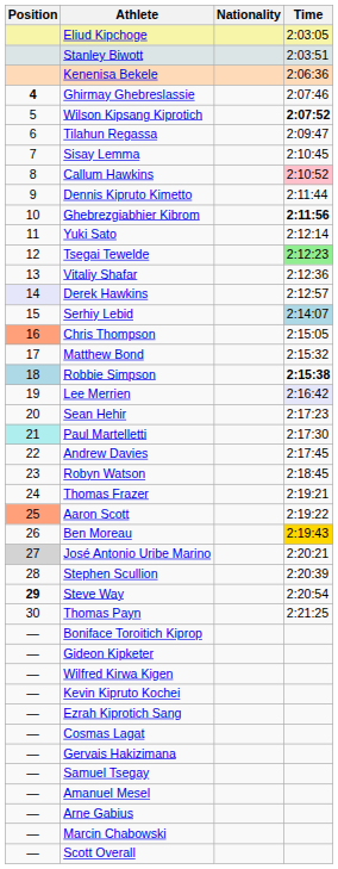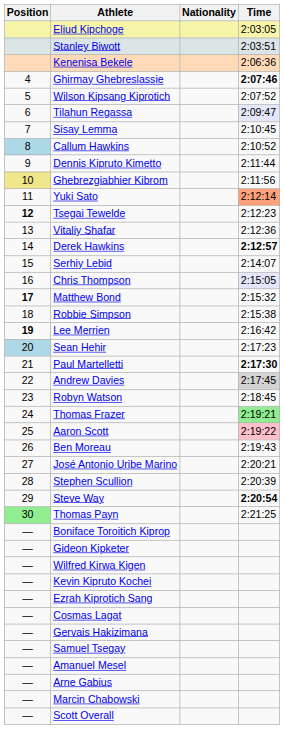 <table class="wikitable sortable">
 <tr>
 <th>Position</th>
 <th>Athlete</th>
 <th>Nationality</th>
 <th>Time</th>
 </tr>
 <tr bgcolor=#F7F6A8>
 <td align=center></td>
 <td><a href='#'>Eliud Kipchoge</a></td>
 <td></td>
 <td>2:03:05</td>
 </tr>
 <tr bgcolor=#DCE5E5>
 <td align=center></td>
 <td><a href='#'>Stanley Biwott</a></td>
 <td></td>
 <td>2:03:51</td>
 </tr>
 <tr bgcolor=#FFDAB9>
 <td align=center></td>
 <td><a href='#'>Kenenisa Bekele</a></td>
 <td></td>
 <td>2:06:36</td>
 </tr>
 <tr>
-<td align=center><strong>4</strong></td>
+<td align=center>4</td>
 <td><a href='#'>Ghirmay Ghebreslassie</a></td>
 <td></td>
-<td>2:07:46</td>
+<td><strong>2:07:46</strong></td>
 </tr>
 <tr>
 <td align=center>5</td>
 <td><a href='#'>Wilson Kipsang Kiprotich</a></td>
 <td></td>
-<td><strong>2:07:52</strong></td>
+<td>2:07:52</td>
 </tr>
 <tr>
 <td align=center>6</td>
 <td><a href='#'>Tilahun Regassa</a></td>
 <td></td>
-<td>2:09:47</td>
+<td style="background: lavender;">2:09:47</td>
 </tr>
 <tr>
 <td align=center>7</td>
 <td><a href='#'>Sisay Lemma</a></td>
 <td></td>
 <td>2:10:45</td>
 </tr>
 <tr>
-<td align=center>8</td>
+<td align=center style="background: lightblue;">8</td>
 <td><a href='#'>Callum Hawkins</a></td>
 <td></td>
-<td style="background: pink;">2:10:52</td>
+<td>2:10:52</td>
 </tr>
 <tr>
 <td align=center>9</td>
 <td><a href='#'>Dennis Kipruto Kimetto</a></td>
 <td></td>
 <td>2:11:44</td>
 </tr>
 <tr>
-<td align=center>10</td>
+<td align=center style="background: khaki;">10</td>
 <td><a href='#'>Ghebrezgiabhier Kibrom</a></td>
 <td></td>
-<td><strong>2:11:56</strong></td>
+<td>2:11:56</td>
 </tr>
 <tr>
 <td align=center>11</td>
 <td><a href='#'>Yuki Sato</a></td>
 <td></td>
-<td>2:12:14</td>
+<td style="background: lightsalmon;">2:12:14</td>
 </tr>
 <tr>
-<td align=center>12</td>
+<td align=center><strong>12</strong></td>
 <td><a href='#'>Tsegai Tewelde</a></td>
 <td></td>
-<td style="background: lightgreen;">2:12:23</td>
+<td>2:12:23</td>
 </tr>
 <tr>
 <td align=center>13</td>
 <td><a href='#'>Vitaliy Shafar</a></td>
 <td></td>
 <td>2:12:36</td>
 </tr>
 <tr>
-<td align=center style="background: lavender;">14</td>
+<td align=center>14</td>
 <td><a href='#'>Derek Hawkins</a></td>
 <td></td>
-<td>2:12:57</td>
+<td><strong>2:12:57</strong></td>
 </tr>
 <tr>
 <td align=center>15</td>
 <td><a href='#'>Serhiy Lebid</a></td>
 <td></td>
-<td style="background: lightblue;">2:14:07</td>
+<td>2:14:07</td>
 </tr>
 <tr>
-<td align=center style="background: lightsalmon;">16</td>
+<td align=center>16</td>
 <td><a href='#'>Chris Thompson</a></td>
 <td></td>
-<td>2:15:05</td>
+<td style="background: lavender;">2:15:05</td>
 </tr>
 <tr>
-<td align=center>17</td>
+<td align=center><strong>17</strong></td>
 <td><a href='#'>Matthew Bond</a></td>
 <td></td>
 <td>2:15:32</td>
 </tr>
 <tr>
-<td align=center style="background: lightblue;">18</td>
+<td align=center>18</td>
 <td><a href='#'>Robbie Simpson</a></td>
 <td></td>
-<td><strong>2:15:38</strong></td>
+<td>2:15:38</td>
 </tr>
 <tr>
-<td align=center>19</td>
+<td align=center><strong>19</strong></td>
 <td><a href='#'>Lee Merrien</a></td>
 <td></td>
-<td style="background: lavender;">2:16:42</td>
+<td>2:16:42</td>
 </tr>
 <tr>
-<td align=center>20</td>
+<td align=center style="background: lightblue;">20</td>
 <td><a href='#'>Sean Hehir</a></td>
 <td></td>
 <td>2:17:23</td>
 </tr>
 <tr>
-<td align=center style="background: paleturquoise;">21</td>
+<td align=center>21</td>
 <td><a href='#'>Paul Martelletti</a></td>
 <td></td>
-<td>2:17:30</td>
+<td><strong>2:17:30</strong></td>
 </tr>
 <tr>
 <td align=center>22</td>
 <td><a href='#'>Andrew Davies</a></td>
 <td></td>
-<td>2:17:45</td>
+<td style="background: lightgrey;">2:17:45</td>
 </tr>
 <tr>
 <td align=center>23</td>
 <td><a href='#'>Robyn Watson</a></td>
 <td></td>
 <td>2:18:45</td>
 </tr>
 <tr>
 <td align=center>24</td>
 <td><a href='#'>Thomas Frazer</a></td>
 <td></td>
-<td>2:19:21</td>
+<td style="background: lightgreen;">2:19:21</td>
 </tr>
 <tr>
-<td align=center style="background: lightsalmon;">25</td>
+<td align=center>25</td>
 <td><a href='#'>Aaron Scott</a></td>
 <td></td>
-<td>2:19:22</td>
+<td style="background: pink;">2:19:22</td>
 </tr>
 <tr>
 <td align=center>26</td>
 <td><a href='#'>Ben Moreau</a></td>
 <td></td>
-<td style="background: gold;">2:19:43</td>
+<td>2:19:43</td>
 </tr>
 <tr>
-<td align=center style="background: lightgrey;">27</td>
+<td align=center>27</td>
 <td><a href='#'>José Antonio Uribe Marino</a></td>
 <td></td>
 <td>2:20:21</td>
 </tr>
 <tr>
 <td align=center>28</td>
 <td><a href='#'>Stephen Scullion</a></td>
 <td></td>
 <td>2:20:39</td>
 </tr>
 <tr>
-<td align=center><strong>29</strong></td>
+<td align=center>29</td>
 <td><a href='#'>Steve Way</a></td>
 <td></td>
-<td>2:20:54</td>
+<td><strong>2:20:54</strong></td>
 </tr>
 <tr>
-<td align=center>30</td>
+<td align=center style="background: lightgreen;">30</td>
 <td><a href='#'>Thomas Payn</a></td>
 <td></td>
 <td>2:21:25</td>
 </tr>
 <tr>
 <td align=center>—</td>
 <td><a href='#'>Boniface Toroitich Kiprop</a></td>
 <td></td>
 <td></td>
 </tr>
 <tr>
 <td align=center>—</td>
 <td><a href='#'>Gideon Kipketer</a></td>
 <td></td>
 <td></td>
 </tr>
 <tr>
 <td align=center>—</td>
 <td><a href='#'>Wilfred Kirwa Kigen</a></td>
 <td></td>
 <td></td>
 </tr>
 <tr>
 <td align=center>—</td>
 <td><a href='#'>Kevin Kipruto Kochei</a></td>
 <td></td>
 <td></td>
 </tr>
 <tr>
 <td align=center>—</td>
 <td><a href='#'>Ezrah Kiprotich Sang</a></td>
 <td></td>
 <td></td>
 </tr>
 <tr>
 <td align=center>—</td>
 <td><a href='#'>Cosmas Lagat</a></td>
 <td></td>
 <td></td>
 </tr>
 <tr>
 <td align=center>—</td>
 <td><a href='#'>Gervais Hakizimana</a></td>
 <td></td>
 <td></td>
 </tr>
 <tr>
 <td align=center>—</td>
 <td><a href='#'>Samuel Tsegay</a></td>
 <td></td>
 <td></td>
 </tr>
 <tr>
 <td align=center>—</td>
 <td><a href='#'>Amanuel Mesel</a></td>
 <td></td>
 <td></td>
 </tr>
 <tr>
 <td align=center>—</td>
 <td><a href='#'>Arne Gabius</a></td>
 <td></td>
 <td></td>
 </tr>
 <tr>
 <td align=center>—</td>
 <td><a href='#'>Marcin Chabowski</a></td>
 <td></td>
 <td></td>
 </tr>
 <tr>
 <td align=center>—</td>
 <td><a href='#'>Scott Overall</a></td>
 <td></td>
 <td></td>
 </tr>
 </table>
